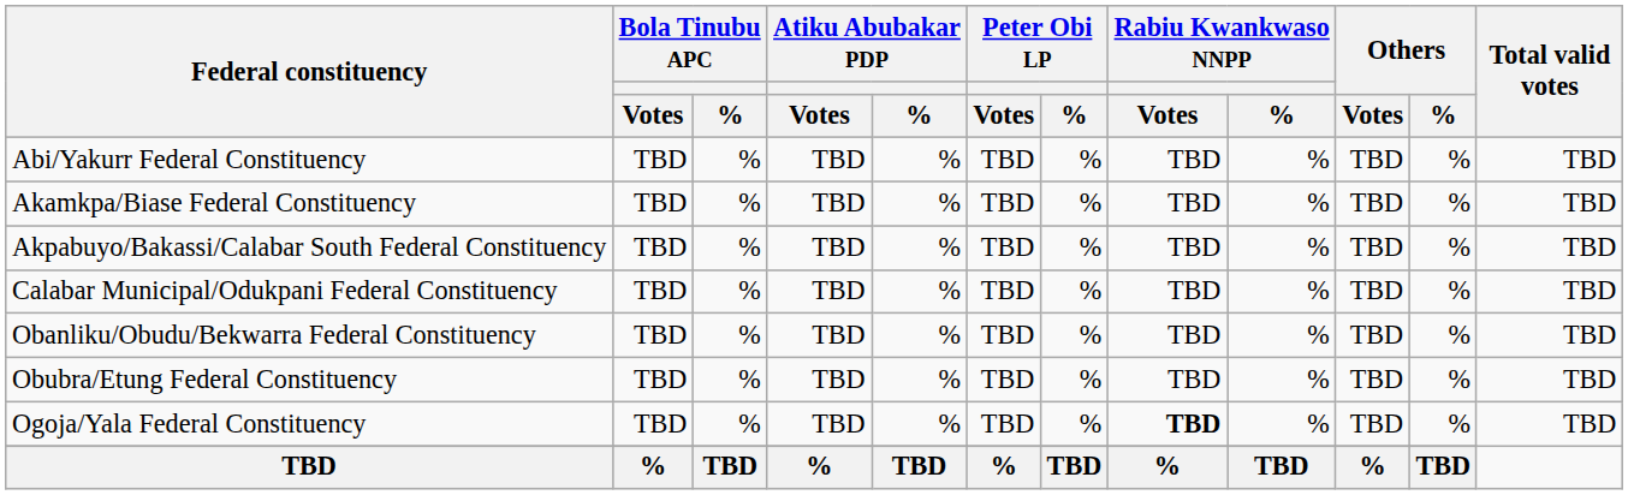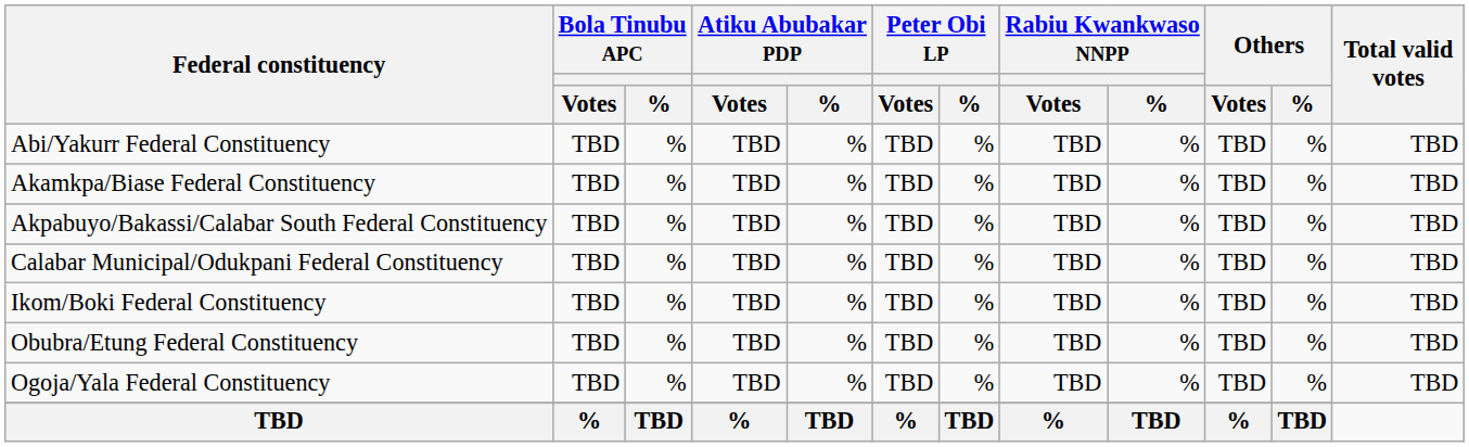 <table class="wikitable sortable" style="text-align:right; font-size:90%">
 <tr>
 <th rowspan="3" style="max-width:7.5em;">Federal constituency</th>
 <th colspan="2"><a href='#'>Bola Tinubu</a><br><small>APC</small></th>
 <th colspan="2"><a href='#'>Atiku Abubakar</a><br><small>PDP</small></th>
 <th colspan="2"><a href='#'>Peter Obi</a><br><small>LP</small></th>
 <th colspan="2"><a href='#'>Rabiu Kwankwaso</a><br><small>NNPP</small></th>
 <th colspan="2" rowspan="2">Others</th>
 <th rowspan="3" style="max-width:5em;">Total valid votes</th>
 </tr>
 <tr>
 <th colspan=2 style="background-color:"></th>
 <th colspan=2 style="background-color:"></th>
 <th colspan=2 style="background-color:"></th>
 <th colspan=2 style="background-color:"></th>
 </tr>
 <tr>
 <th>Votes</th>
 <th>%</th>
 <th>Votes</th>
 <th>%</th>
 <th>Votes</th>
 <th>%</th>
 <th>Votes</th>
 <th>%</th>
 <th>Votes</th>
 <th>%</th>
 </tr>
 <tr style="background-color:#">
 <td style="text-align:left;">Abi/Yakurr Federal Constituency</td>
 <td>TBD</td>
 <td>%</td>
 <td>TBD</td>
 <td>%</td>
 <td>TBD</td>
 <td>%</td>
 <td>TBD</td>
 <td>%</td>
 <td>TBD</td>
 <td>%</td>
 <td>TBD</td>
 </tr>
 <tr style="background-color:#">
 <td style="text-align:left;">Akamkpa/Biase Federal Constituency</td>
 <td>TBD</td>
 <td>%</td>
 <td>TBD</td>
 <td>%</td>
 <td>TBD</td>
 <td>%</td>
 <td>TBD</td>
 <td>%</td>
 <td>TBD</td>
 <td>%</td>
 <td>TBD</td>
 </tr>
 <tr style="background-color:#">
 <td style="text-align:left;">Akpabuyo/Bakassi/Calabar South Federal Constituency</td>
 <td>TBD</td>
 <td>%</td>
 <td>TBD</td>
 <td>%</td>
 <td>TBD</td>
 <td>%</td>
 <td>TBD</td>
 <td>%</td>
 <td>TBD</td>
 <td>%</td>
 <td>TBD</td>
 </tr>
 <tr style="background-color:#">
 <td style="text-align:left;">Calabar Municipal/Odukpani Federal Constituency</td>
 <td>TBD</td>
 <td>%</td>
 <td>TBD</td>
 <td>%</td>
 <td>TBD</td>
 <td>%</td>
 <td>TBD</td>
 <td>%</td>
 <td>TBD</td>
 <td>%</td>
 <td>TBD</td>
 </tr>
 <tr style="background-color:#">
-<td style="text-align:left;">Obanliku/Obudu/Bekwarra Federal Constituency</td>
+<td style="text-align:left;">Ikom/Boki Federal Constituency</td>
 <td>TBD</td>
 <td>%</td>
 <td>TBD</td>
 <td>%</td>
 <td>TBD</td>
 <td>%</td>
 <td>TBD</td>
 <td>%</td>
 <td>TBD</td>
 <td>%</td>
 <td>TBD</td>
 </tr>
 <tr style="background-color:#">
 <td style="text-align:left;">Obubra/Etung Federal Constituency</td>
 <td>TBD</td>
 <td>%</td>
 <td>TBD</td>
 <td>%</td>
 <td>TBD</td>
 <td>%</td>
 <td>TBD</td>
 <td>%</td>
 <td>TBD</td>
 <td>%</td>
 <td>TBD</td>
 </tr>
 <tr style="background-color:#">
 <td style="text-align:left;">Ogoja/Yala Federal Constituency</td>
 <td>TBD</td>
 <td>%</td>
 <td>TBD</td>
 <td>%</td>
 <td>TBD</td>
 <td>%</td>
-<td><strong>TBD</strong></td>
+<td>TBD</td>
 <td>%</td>
 <td>TBD</td>
 <td>%</td>
 <td>TBD</td>
 </tr>
 <tr>
 </tr>
 <tr>
 <th>TBD</th>
 <th>%</th>
 <th>TBD</th>
 <th>%</th>
 <th>TBD</th>
 <th>%</th>
 <th>TBD</th>
 <th>%</th>
 <th>TBD</th>
 <th>%</th>
 <th>TBD</th>
 </tr>
 </table>
